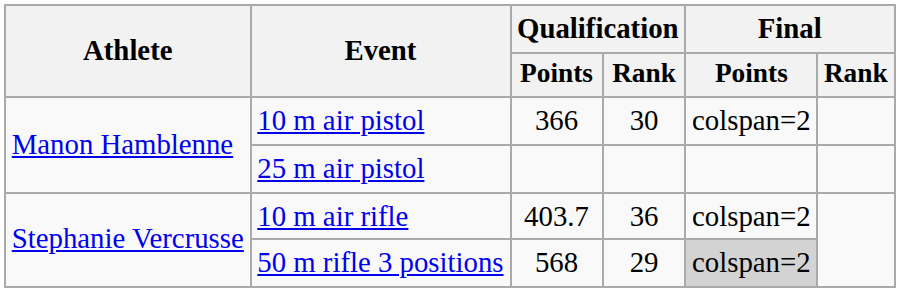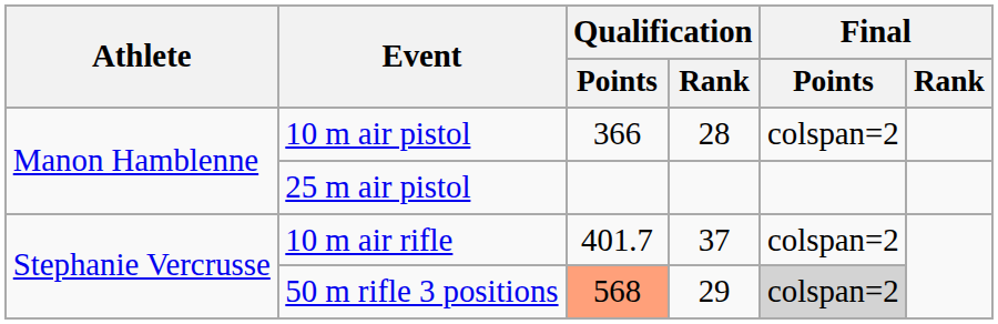 <table class="wikitable" style="font-size:90%;">
 <tr>
 <th rowspan=2>Athlete</th>
 <th rowspan=2>Event</th>
 <th colspan=2>Qualification</th>
 <th colspan=2>Final</th>
 </tr>
 <tr style="font-size:95%">
 <th>Points</th>
 <th>Rank</th>
 <th>Points</th>
 <th>Rank</th>
 </tr>
 <tr align=center>
 <td align=left rowspan=2><a href='#'>Manon Hamblenne</a></td>
 <td align=left><a href='#'>10 m air pistol</a></td>
 <td>366</td>
-<td>30</td>
+<td>28</td>
 <td>colspan=2 </td>
 </tr>
 <tr align=center>
 <td align=left><a href='#'>25 m air pistol</a></td>
 <td></td>
 <td></td>
 <td></td>
 <td></td>
 </tr>
 <tr align=center>
 <td align=left rowspan=2><a href='#'>Stephanie Vercrusse</a></td>
 <td align=left><a href='#'>10 m air rifle</a></td>
-<td>403.7</td>
-<td>36</td>
+<td>401.7</td>
+<td>37</td>
 <td>colspan=2 </td>
 </tr>
 <tr align=center>
 <td align=left><a href='#'>50 m rifle 3 positions</a></td>
-<td>568</td>
+<td style="background: lightsalmon;">568</td>
 <td>29</td>
 <td style="background: lightgrey;">colspan=2 </td>
 </tr>
 </table>
